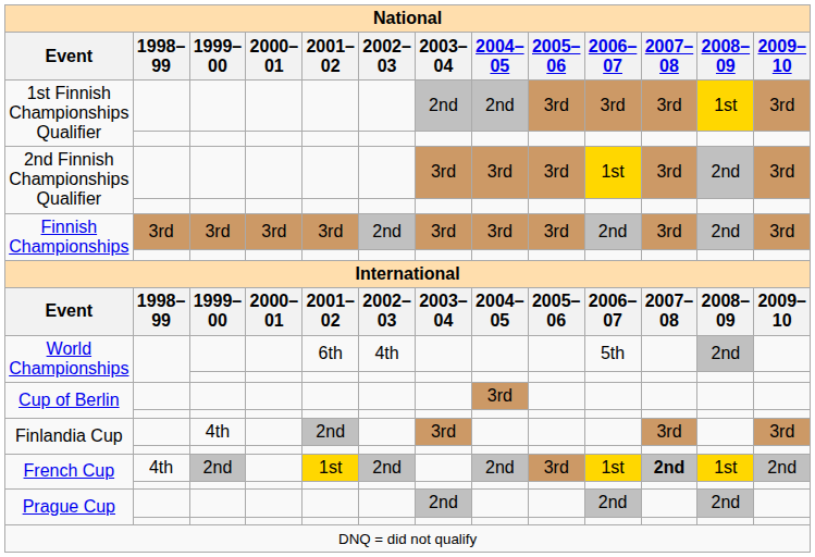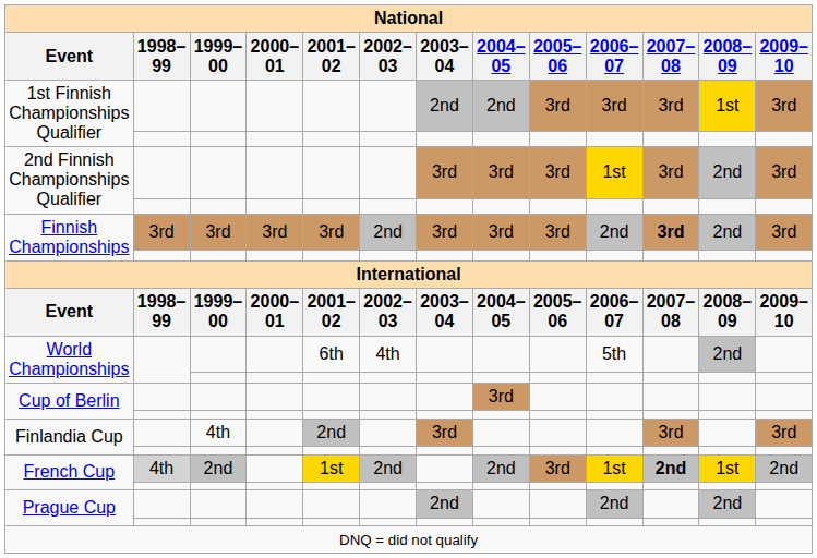 <table class="wikitable">
 <tr>
 <th style="background-color: #ffdead; " colspan="13" align="center"><strong>National</strong></th>
 </tr>
 <tr>
 <th>Event</th>
 <th>1998–99</th>
 <th>1999–00</th>
 <th>2000–01</th>
 <th>2001–02</th>
 <th>2002–03</th>
 <th>2003–04</th>
 <th><a href='#'>2004–05</a></th>
 <th><a href='#'>2005–06</a></th>
 <th><a href='#'>2006–07</a></th>
 <th><a href='#'>2007–08</a></th>
 <th><a href='#'>2008–09</a></th>
 <th><a href='#'>2009–10</a></th>
 </tr>
 <tr>
 <td align="center" rowspan="2">1st Finnish Championships<br>Qualifier</td>
 <td 1998-99 align="center"></td>
 <td 1999-00 align="center"></td>
 <td 2000-01 align="center"></td>
 <td 2001-02 align="center"></td>
 <td 2002-03 align="center"></td>
 <td 2003-04 align="center" bgcolor="silver">2nd</td>
 <td 2004-05 align="center" bgcolor="silver">2nd</td>
 <td align="center" bgcolor="#cc9966" 2005-06>3rd</td>
 <td align="center" bgcolor="#cc9966" 2006-07>3rd</td>
 <td align="center" bgcolor="#cc9966" 2007-08>3rd</td>
 <td align="center" bgcolor="gold" 2008-09>1st</td>
 <td align="center" bgcolor="#cc9966" 2009-10>3rd</td>
 </tr>
 <tr>
 <td 1998-99 align="center"></td>
 <td 1999-00 align="center"></td>
 <td 2000-01 align="center"></td>
 <td 2001-02 align="center"></td>
 <td 2002-03 align="center"></td>
 <td 2003-04 align="center"></td>
 <td 2004-05 align="center"></td>
 <td 2005-06 align="center"></td>
 <td 2006-07 align="center"></td>
 <td 2007-08 align="center"></td>
 <td align="center" 2008-09></td>
 <td align="center" 2009-10></td>
 </tr>
 <tr>
 <td align="center" rowspan="2">2nd Finnish Championships<br>Qualifier</td>
 <td 1998-99 align="center"></td>
 <td 1999-00 align="center"></td>
 <td 2000-01 align="center"></td>
 <td 2001-02 align="center"></td>
 <td 2002-03 align="center"></td>
 <td align="center" bgcolor="#cc9966" 2003-04>3rd</td>
 <td align="center" bgcolor="#cc9966" 2004-05>3rd</td>
 <td align="center" bgcolor="#cc9966" 2005-06>3rd</td>
 <td 2006-07 align="center" bgcolor="gold">1st</td>
 <td align="center" bgcolor="#cc9966" 2007-08>3rd</td>
 <td align="center" bgcolor="silver" 2008-09>2nd</td>
 <td align="center" bgcolor="#cc9966" 2009-10>3rd</td>
 </tr>
 <tr>
 <td 1998-99 align="center"></td>
 <td 1999-00 align="center"></td>
 <td 2000-01 align="center"></td>
 <td 2001-02 align="center"></td>
 <td 2002-03 align="center"></td>
 <td 2003-04 align="center"></td>
 <td 2004-05 align="center"></td>
 <td 2005-06 align="center"></td>
 <td 2006-07 align="center"></td>
 <td 2007-08 align="center"></td>
 <td align="center" 2008-09></td>
 <td align="center" 2009-10></td>
 </tr>
 <tr>
 <td align="center" rowspan="2"><a href='#'>Finnish Championships</a></td>
 <td align="center" bgcolor="#cc9966" 1998-99>3rd</td>
 <td align="center" bgcolor="#cc9966" 1999-00>3rd</td>
 <td align="center" bgcolor="#cc9966" 2000-01>3rd</td>
 <td align="center" bgcolor="#cc9966" 2001-02>3rd</td>
 <td 2002-03 align="center" bgcolor="silver">2nd</td>
 <td align="center" bgcolor="#cc9966" 2003-04>3rd</td>
 <td align="center" bgcolor="#cc9966" 2004-05>3rd</td>
 <td align="center" bgcolor="#cc9966" 2005-06>3rd</td>
 <td 2006-07 align="center" bgcolor="silver">2nd</td>
-<td align="center" bgcolor="#cc9966" 2007-08>3rd</td>
+<td align="center" bgcolor="#cc9966" 2007-08><strong>3rd</strong></td>
 <td align="center" bgcolor="silver" 2008-09>2nd</td>
 <td align="center" bgcolor="#cc9966" 2009-10>3rd</td>
 </tr>
 <tr>
 <td 1998-99 align="center"></td>
 <td 1999-00 align="center"></td>
 <td 2000-01 align="center"></td>
 <td 2001-02 align="center"></td>
 <td 2002-03 align="center"></td>
 <td 2003-04 align="center"></td>
 <td 2004-05 align="center"></td>
 <td 2005-06 align="center"></td>
 <td 2006-07 align="center"></td>
 <td 2007-08 align="center"></td>
 <td align="center" 2008-09></td>
 <td align="center" 2009-10></td>
 </tr>
 <tr>
 <th style="background-color: #ffdead; " colspan="13" align=center><strong>International</strong></th>
 </tr>
 <tr>
 <th>Event</th>
 <th>1998–99</th>
 <th>1999–00</th>
 <th>2000–01</th>
 <th>2001–02</th>
 <th>2002–03</th>
 <th>2003–04</th>
 <th>2004–05</th>
 <th>2005–06</th>
 <th>2006–07</th>
 <th>2007–08</th>
 <th>2008–09</th>
 <th>2009–10</th>
 </tr>
 <tr>
 <td align="center" rowspan="2"><a href='#'>World Championships</a></td>
 <td 1998-99 align="center" rowspan="2"></td>
 <td 1999-00 align="center"></td>
 <td 2000-01 align="center"></td>
 <td 2001-02 align="center">6th</td>
 <td 2002-03 align="center">4th</td>
 <td 2003-04 align="center"></td>
 <td 2004-05 align="center"></td>
 <td 2005-06 align="center"></td>
 <td 2006-07 align="center">5th</td>
 <td 2007-08 align="center"></td>
 <td align="center" bgcolor="silver" 2008-09>2nd</td>
 <td align="center" 2009-10></td>
 </tr>
 <tr>
 <td 1999-00 align="center"></td>
 <td 2000-01 align="center"></td>
 <td 2001-02 align="center"></td>
 <td 2002-03 align="center"></td>
 <td 2003-04 align="center"></td>
 <td 2004-05 align="center"></td>
 <td 2005-06 align="center"></td>
 <td 2006-07 align="center"></td>
 <td 2007-08 align="center"></td>
 <td align="center" 2008-09></td>
 <td align="center" 2009-10></td>
 </tr>
 <tr>
 <td align="center" rowspan="2"><a href='#'>Cup of Berlin</a></td>
 <td 1998-99 align="center"></td>
 <td 1999-00 align="center"></td>
 <td 2000-01 align="center"></td>
 <td 2001-02 align="center"></td>
 <td 2002-03 align="center"></td>
 <td 2003-04 align="center"></td>
 <td align="center" bgcolor="#cc9966" 2004-05>3rd</td>
 <td 2005-06 align="center"></td>
 <td 2006-07 align="center"></td>
 <td 2007-08 align="center"></td>
 <td 2008-09 align="center"></td>
 <td 2009-10 align="center"></td>
 </tr>
 <tr>
 <td 1998-99 align="center"></td>
 <td 1999-00 align="center"></td>
 <td 2000-01 align="center"></td>
 <td 2001-02 align="center"></td>
 <td 2002-03 align="center"></td>
 <td 2003-04 align="center"></td>
 <td 2004-05 align="center"></td>
 <td 2005-06 align="center"></td>
 <td 2006-07 align="center"></td>
 <td 2007-08 align="center"></td>
 <td 2008-09 align="center"></td>
 <td 2009-10 align="center"></td>
 </tr>
 <tr>
 <td align="center" rowspan="2">Finlandia Cup</td>
 <td 1998-99 align="center"></td>
 <td 1999-00 align="center">4th</td>
 <td 2000-01 align="center"></td>
 <td 2001-02 align="center" bgcolor="silver">2nd</td>
 <td 2002-03 align="center"></td>
 <td align="center" bgcolor="#cc9966" 2003-04>3rd</td>
 <td 2004-05 align="center"></td>
 <td 2005-06 align="center"></td>
 <td 2006-07 align="center"></td>
 <td align="center" bgcolor="#cc9966" 2007-08>3rd</td>
 <td 2008-09 align="center"></td>
 <td align="center" bgcolor="#cc9966" 2009-10>3rd</td>
 </tr>
 <tr>
 <td 1998-99 align="center"></td>
 <td 1999-00 align="center"></td>
 <td 2000-01 align="center"></td>
 <td 2001-02 align="center"></td>
 <td 2002-03 align="center"></td>
 <td 2003-04 align="center"></td>
 <td 2004-05 align="center"></td>
 <td 2005-06 align="center"></td>
 <td 2006-07 align="center"></td>
 <td 2007-08 align="center"></td>
 <td 2008-09 align="center"></td>
 <td 2009-10 align="center"></td>
 </tr>
 <tr>
 <td align="center" rowspan="2"><a href='#'>French Cup</a></td>
-<td 1998-99 align="center">4th</td>
+<td 1998-99 align="center" style="background: lightgrey;">4th</td>
 <td 1999-00 align="center" bgcolor="silver">2nd</td>
 <td 2000-01 align="center"></td>
 <td 2001-02 align="center" bgcolor="gold">1st</td>
 <td 2002-03 align="center" bgcolor="silver">2nd</td>
 <td 2003-04 align="center"></td>
 <td 2004-05 align="center" bgcolor="silver">2nd</td>
 <td align="center" bgcolor="#cc9966" 2005-06>3rd</td>
 <td 2006-07 align="center" bgcolor="gold">1st</td>
 <td 2007-08 align="center" bgcolor="silver"><strong>2nd</strong></td>
 <td align="center" bgcolor="gold" 2008-09>1st</td>
 <td align="center" bgcolor="silver" 2009-10>2nd</td>
 </tr>
 <tr>
 <td 1998-99 align="center"></td>
 <td 1999-00 align="center"></td>
 <td 2000-01 align="center"></td>
 <td 2001-02 align="center"></td>
 <td 2002-03 align="center"></td>
 <td 2003-04 align="center"></td>
 <td 2004-05 align="center"></td>
 <td 2005-06 align="center"></td>
 <td 2006-07 align="center"></td>
 <td 2007-08 align="center"></td>
 <td align="center" 2008-09></td>
 <td align="center" 2009-10></td>
 </tr>
 <tr>
 <td align="center" rowspan="2"><a href='#'>Prague Cup</a></td>
 <td 1998-99 align="center"></td>
 <td 1999-00 align="center"></td>
 <td 2000-01 align="center"></td>
 <td 2001-02 align="center"></td>
 <td 2002-03 align="center"></td>
 <td 2003-04 align="center" bgcolor="silver">2nd</td>
 <td 2004-05 align="center"></td>
 <td 2005-06 align="center"></td>
 <td 2006-07 align="center" bgcolor="silver">2nd</td>
 <td 2007-08 align="center"></td>
 <td align="center" bgcolor="silver" 2008-09>2nd</td>
 <td align="center" 2009-10></td>
 </tr>
 <tr>
 <td 1998-99 align="center"></td>
 <td 1999-00 align="center"></td>
 <td 2000-01 align="center"></td>
 <td 2001-02 align="center"></td>
 <td 2002-03 align="center"></td>
 <td 2003-04 align="center"></td>
 <td 2004-05 align="center"></td>
 <td 2005-06 align="center"></td>
 <td 2006-07 align="center"></td>
 <td 2007-08 align="center"></td>
 <td align="center" 2008-09></td>
 <td align="center" 2009-10></td>
 </tr>
 <tr>
 <td colspan="13" align="center"><small>DNQ = did not qualify</small></td>
 </tr>
 <tr>
 </tr>
 </table>
